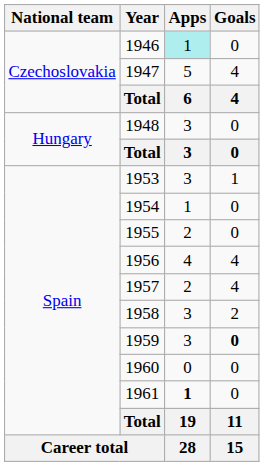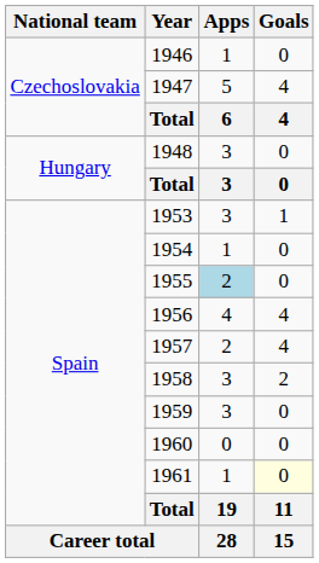 <table class="wikitable" style="text-align:center">
 <tr>
 <th>National team</th>
 <th>Year</th>
 <th>Apps</th>
 <th>Goals</th>
 </tr>
 <tr>
 <td rowspan="3"><a href='#'>Czechoslovakia</a></td>
 <td>1946</td>
-<td style="background: paleturquoise;">1</td>
+<td>1</td>
 <td>0</td>
 </tr>
 <tr>
 <td>1947</td>
 <td>5</td>
 <td>4</td>
 </tr>
 <tr>
 <th colspan="1">Total</th>
 <th>6</th>
 <th>4</th>
 </tr>
 <tr>
 <td rowspan="2"><a href='#'>Hungary</a></td>
 <td>1948</td>
 <td>3</td>
 <td>0</td>
 </tr>
 <tr>
 <th colspan="1">Total</th>
 <th>3</th>
 <th>0</th>
 </tr>
 <tr>
 <td rowspan="10"><a href='#'>Spain</a></td>
 <td>1953</td>
 <td>3</td>
 <td>1</td>
 </tr>
 <tr>
 <td>1954</td>
 <td>1</td>
 <td>0</td>
 </tr>
 <tr>
 <td>1955</td>
-<td>2</td>
+<td style="background: lightblue;">2</td>
 <td>0</td>
 </tr>
 <tr>
 <td>1956</td>
 <td>4</td>
 <td>4</td>
 </tr>
 <tr>
 <td>1957</td>
 <td>2</td>
 <td>4</td>
 </tr>
 <tr>
 <td>1958</td>
 <td>3</td>
 <td>2</td>
 </tr>
 <tr>
 <td>1959</td>
 <td>3</td>
-<td><strong>0</strong></td>
+<td>0</td>
 </tr>
 <tr>
 <td>1960</td>
 <td>0</td>
 <td>0</td>
 </tr>
 <tr>
 <td>1961</td>
-<td><strong>1</strong></td>
-<td>0</td>
+<td>1</td>
+<td style="background: lightyellow;">0</td>
 </tr>
 <tr>
 <th colspan="1">Total</th>
 <th>19</th>
 <th>11</th>
 </tr>
 <tr>
 <th colspan="2">Career total</th>
 <th>28</th>
 <th>15</th>
 </tr>
 </table>
